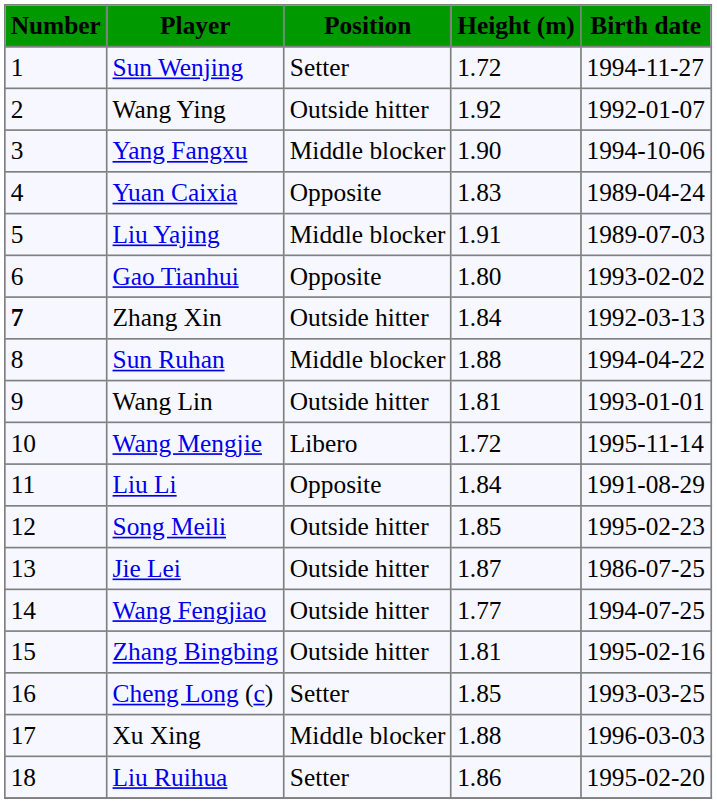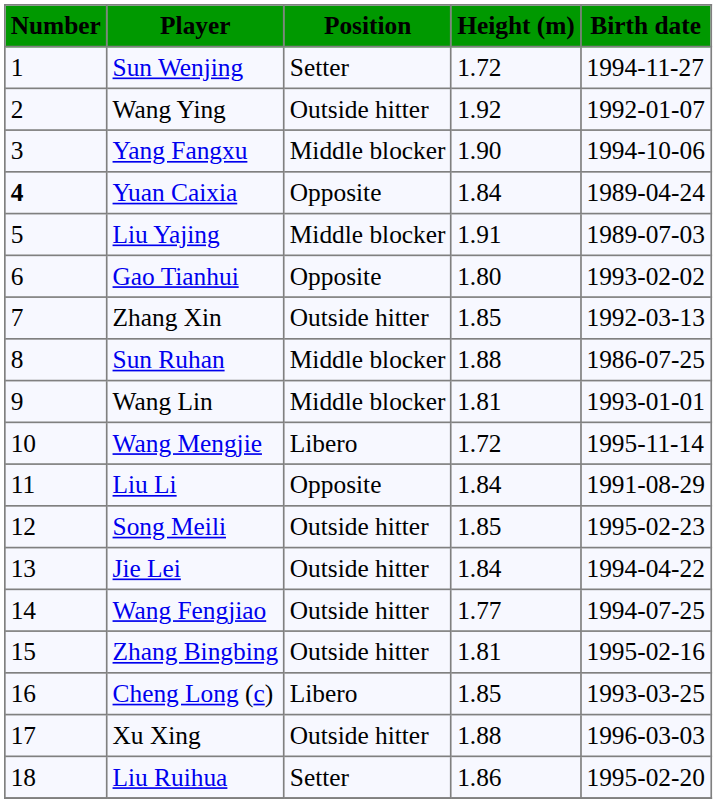 <table bgcolor="#f7f8ff" cellpadding="3" cellspacing="0" border="1" style="font-size: 95%; border: gray solid 1px; border-collapse: collapse;">
 <tr bgcolor="#009900">
 <td align=center><strong>Number</strong></td>
 <td align=center><strong>Player</strong></td>
 <td align=center><strong>Position</strong></td>
 <td align=center><strong>Height (m)</strong></td>
 <td align=center><strong>Birth date</strong></td>
 </tr>
 <tr align=left>
 <td>1</td>
 <td> <a href='#'>Sun Wenjing</a></td>
 <td>Setter</td>
 <td>1.72</td>
 <td>1994-11-27</td>
 </tr>
 <tr align=left>
 <td>2</td>
 <td> Wang Ying</td>
 <td>Outside hitter</td>
 <td>1.92</td>
 <td>1992-01-07</td>
 </tr>
 <tr align=left>
 <td>3</td>
 <td> <a href='#'>Yang Fangxu</a></td>
 <td>Middle blocker</td>
 <td>1.90</td>
 <td>1994-10-06</td>
 </tr>
 <tr align=left>
-<td>4</td>
+<td><strong>4</strong></td>
 <td> <a href='#'>Yuan Caixia</a></td>
 <td>Opposite</td>
-<td>1.83</td>
+<td>1.84</td>
 <td>1989-04-24</td>
 </tr>
 <tr align=left>
 <td>5</td>
 <td> <a href='#'>Liu Yajing</a></td>
 <td>Middle blocker</td>
 <td>1.91</td>
 <td>1989-07-03</td>
 </tr>
 <tr align=left>
 <td>6</td>
 <td> <a href='#'>Gao Tianhui</a></td>
 <td>Opposite</td>
 <td>1.80</td>
 <td>1993-02-02</td>
 </tr>
 <tr align="left">
-<td><strong>7</strong></td>
+<td>7</td>
 <td> Zhang Xin</td>
 <td>Outside hitter</td>
-<td>1.84</td>
+<td>1.85</td>
 <td>1992-03-13</td>
 </tr>
 <tr align="left">
 <td>8</td>
 <td> <a href='#'>Sun Ruhan</a></td>
 <td>Middle blocker</td>
 <td>1.88</td>
-<td>1994-04-22</td>
+<td>1986-07-25</td>
 </tr>
 <tr align="left">
 <td>9</td>
 <td> Wang Lin</td>
-<td>Outside hitter</td>
+<td>Middle blocker</td>
 <td>1.81</td>
 <td>1993-01-01</td>
 </tr>
 <tr align="left">
 <td>10</td>
 <td> <a href='#'>Wang Mengjie</a></td>
 <td>Libero</td>
 <td>1.72</td>
 <td>1995-11-14</td>
 </tr>
 <tr align="left">
 <td>11</td>
 <td> <a href='#'>Liu Li</a></td>
 <td>Opposite</td>
 <td>1.84</td>
 <td>1991-08-29</td>
 </tr>
 <tr align="left">
 <td>12</td>
 <td> <a href='#'>Song Meili</a></td>
 <td>Outside hitter</td>
 <td>1.85</td>
 <td>1995-02-23</td>
 </tr>
 <tr align="left">
 <td>13</td>
 <td> <a href='#'>Jie Lei</a></td>
 <td>Outside hitter</td>
-<td>1.87</td>
-<td>1986-07-25</td>
+<td>1.84</td>
+<td>1994-04-22</td>
 </tr>
 <tr align="left">
 <td>14</td>
 <td> <a href='#'>Wang Fengjiao</a></td>
 <td>Outside hitter</td>
 <td>1.77</td>
 <td>1994-07-25</td>
 </tr>
 <tr align="left">
 <td>15</td>
 <td> <a href='#'>Zhang Bingbing</a></td>
 <td>Outside hitter</td>
 <td>1.81</td>
 <td>1995-02-16</td>
 </tr>
 <tr align="left">
 <td>16</td>
 <td> <a href='#'>Cheng Long</a> (<a href='#'>c</a>)</td>
-<td>Setter</td>
+<td>Libero</td>
 <td>1.85</td>
 <td>1993-03-25</td>
 </tr>
 <tr align="left">
 <td>17</td>
 <td> Xu Xing</td>
-<td>Middle blocker</td>
+<td>Outside hitter</td>
 <td>1.88</td>
 <td>1996-03-03</td>
 </tr>
 <tr align=left>
 <td>18</td>
 <td> <a href='#'>Liu Ruihua</a></td>
 <td>Setter</td>
 <td>1.86</td>
 <td>1995-02-20</td>
 </tr>
 <tr align="left">
 </tr>
 </table>
